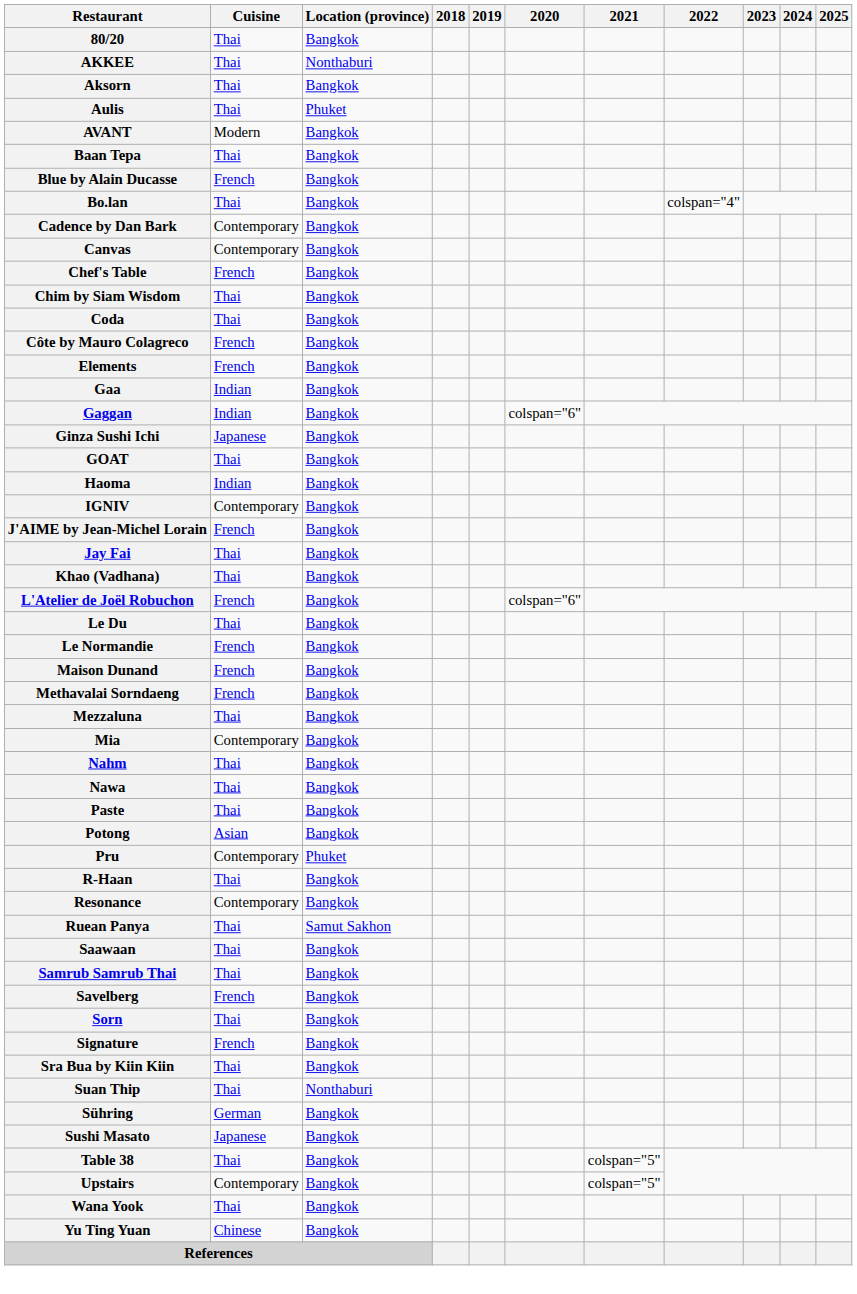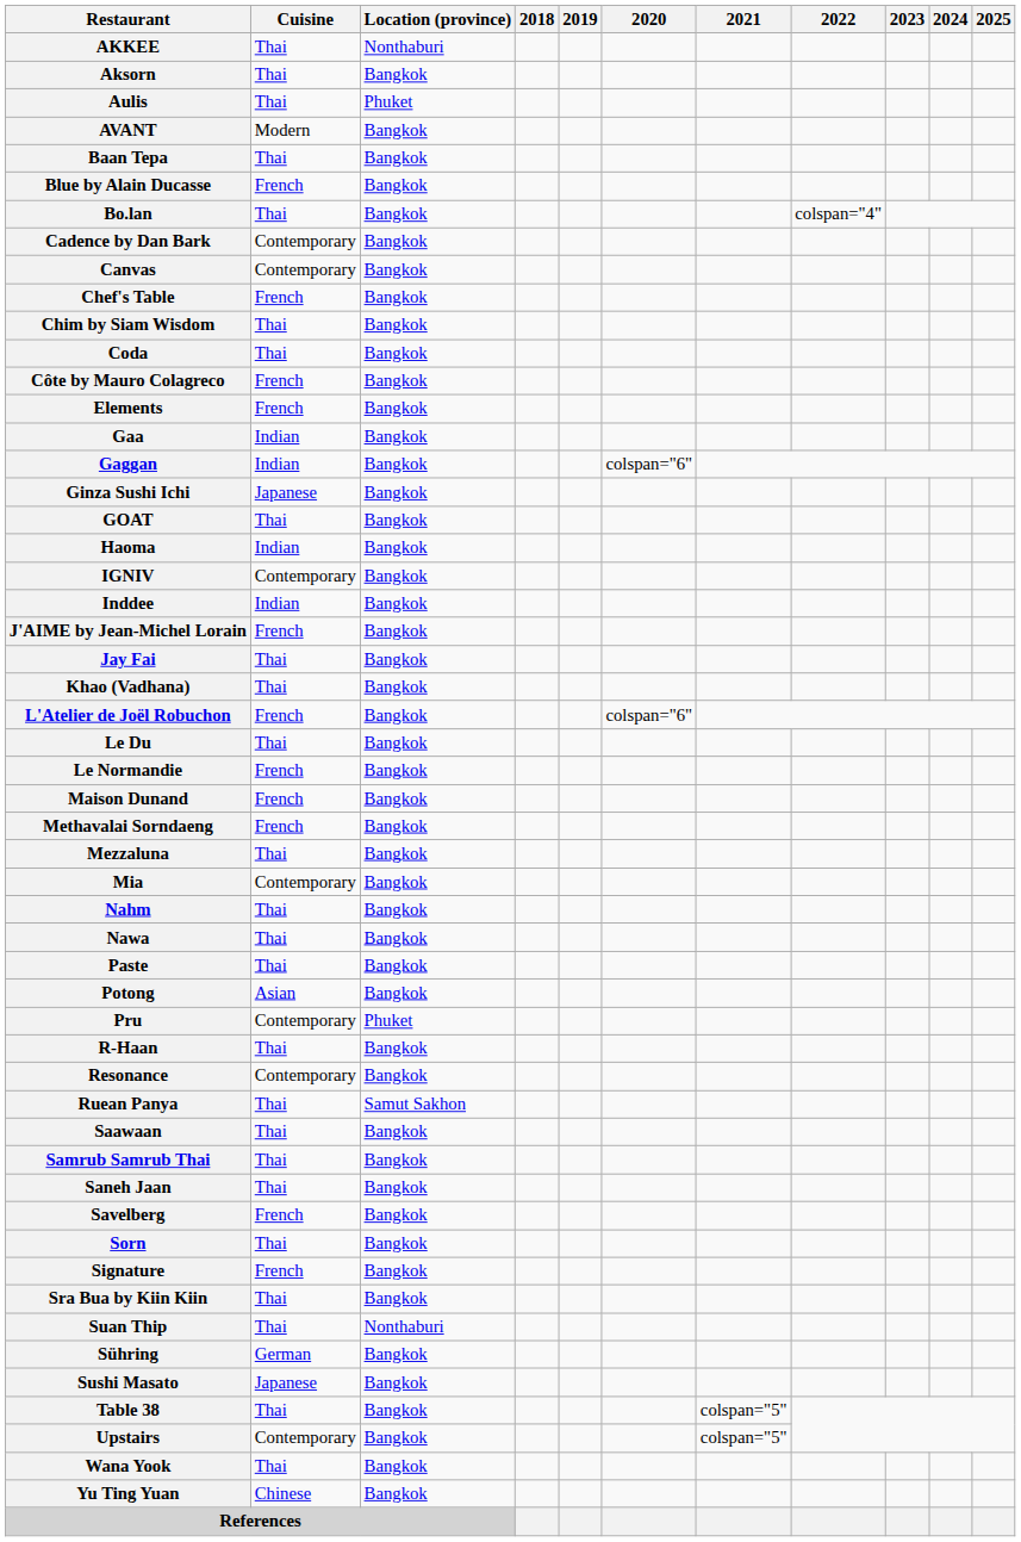 <table class="wikitable sortable plainrowheaders" style="text-align:left;"">
 <tr>
 <th scope="col">Restaurant</th>
 <th scope="col">Cuisine</th>
 <th scope="col">Location (province)</th>
 <th scope="col">2018</th>
 <th scope="col">2019</th>
 <th scope="col">2020</th>
 <th scope="col">2021</th>
 <th scope="col">2022</th>
 <th scope="col">2023</th>
 <th scope="col">2024</th>
 <th scope="col">2025</th>
-</tr>
-<tr>
-<th scope="row">80/20</th>
-<td><a href='#'>Thai</a></td>
-<td><a href='#'>Bangkok</a></td>
-<td></td>
-<td></td>
-<td></td>
-<td></td>
-<td></td>
-<td></td>
-<td></td>
-<td></td>
 </tr>
 <tr>
 <th scope="row">AKKEE</th>
 <td><a href='#'>Thai</a></td>
 <td><a href='#'>Nonthaburi</a></td>
 <td></td>
 <td></td>
 <td></td>
 <td></td>
 <td></td>
 <td></td>
 <td></td>
 <td></td>
 </tr>
 <tr>
 <th scope="row">Aksorn</th>
 <td><a href='#'>Thai</a></td>
 <td><a href='#'>Bangkok</a></td>
 <td></td>
 <td></td>
 <td></td>
 <td></td>
 <td></td>
 <td></td>
 <td></td>
 <td></td>
 </tr>
 <tr>
 <th scope="row">Aulis</th>
 <td><a href='#'>Thai</a></td>
 <td><a href='#'>Phuket</a></td>
 <td></td>
 <td></td>
 <td></td>
 <td></td>
 <td></td>
 <td></td>
 <td></td>
 <td></td>
 </tr>
 <tr>
 <th scope="row">AVANT</th>
 <td>Modern</td>
 <td><a href='#'>Bangkok</a></td>
 <td></td>
 <td></td>
 <td></td>
 <td></td>
 <td></td>
 <td></td>
 <td></td>
 <td></td>
 </tr>
 <tr>
 <th scope="row">Baan Tepa</th>
 <td><a href='#'>Thai</a></td>
 <td><a href='#'>Bangkok</a></td>
 <td></td>
 <td></td>
 <td></td>
 <td></td>
 <td></td>
 <td></td>
 <td></td>
 <td></td>
 </tr>
 <tr>
 <th scope="row">Blue by Alain Ducasse</th>
 <td><a href='#'>French</a></td>
 <td><a href='#'>Bangkok</a></td>
 <td></td>
 <td></td>
 <td></td>
 <td></td>
 <td></td>
 <td></td>
 <td></td>
 <td></td>
 </tr>
 <tr>
 <th scope="row">Bo.lan</th>
 <td><a href='#'>Thai</a></td>
 <td><a href='#'>Bangkok</a></td>
 <td></td>
 <td></td>
 <td></td>
 <td></td>
 <td>colspan="4" </td>
 </tr>
 <tr>
 <th scope="row">Cadence by Dan Bark</th>
 <td>Contemporary</td>
 <td><a href='#'>Bangkok</a></td>
 <td></td>
 <td></td>
 <td></td>
 <td></td>
 <td></td>
 <td></td>
 <td></td>
 <td></td>
 </tr>
 <tr>
 <th scope="row">Canvas</th>
 <td>Contemporary</td>
 <td><a href='#'>Bangkok</a></td>
 <td></td>
 <td></td>
 <td></td>
 <td></td>
 <td></td>
 <td></td>
 <td></td>
 <td></td>
 </tr>
 <tr>
 <th scope="row">Chef's Table</th>
 <td><a href='#'>French</a></td>
 <td><a href='#'>Bangkok</a></td>
 <td></td>
 <td></td>
 <td></td>
 <td></td>
 <td></td>
 <td></td>
 <td></td>
 <td></td>
 </tr>
 <tr>
 <th scope="row">Chim by Siam Wisdom</th>
 <td><a href='#'>Thai</a></td>
 <td><a href='#'>Bangkok</a></td>
 <td></td>
 <td></td>
 <td></td>
 <td></td>
 <td></td>
 <td></td>
 <td></td>
 <td></td>
 </tr>
 <tr>
 <th scope="row">Coda</th>
 <td><a href='#'>Thai</a></td>
 <td><a href='#'>Bangkok</a></td>
 <td></td>
 <td></td>
 <td></td>
 <td></td>
 <td></td>
 <td></td>
 <td></td>
 <td></td>
 </tr>
 <tr>
 <th scope="row">Côte by Mauro Colagreco</th>
 <td><a href='#'>French</a></td>
 <td><a href='#'>Bangkok</a></td>
 <td></td>
 <td></td>
 <td></td>
 <td></td>
 <td></td>
 <td></td>
 <td></td>
 <td></td>
 </tr>
 <tr>
 <th scope="row">Elements</th>
 <td><a href='#'>French</a></td>
 <td><a href='#'>Bangkok</a></td>
 <td></td>
 <td></td>
 <td></td>
 <td></td>
 <td></td>
 <td></td>
 <td></td>
 <td></td>
 </tr>
 <tr>
 <th scope="row">Gaa</th>
 <td><a href='#'>Indian</a></td>
 <td><a href='#'>Bangkok</a></td>
 <td></td>
 <td></td>
 <td></td>
 <td></td>
 <td></td>
 <td></td>
 <td></td>
 <td></td>
 </tr>
 <tr>
 <th scope="row"><a href='#'>Gaggan</a></th>
 <td><a href='#'>Indian</a></td>
 <td><a href='#'>Bangkok</a></td>
 <td></td>
 <td></td>
 <td>colspan="6" </td>
 </tr>
 <tr>
 <th scope="row">Ginza Sushi Ichi</th>
 <td><a href='#'>Japanese</a></td>
 <td><a href='#'>Bangkok</a></td>
 <td></td>
 <td></td>
 <td></td>
 <td></td>
 <td></td>
 <td></td>
 <td></td>
 <td></td>
 </tr>
 <tr>
 <th scope="row">GOAT</th>
 <td><a href='#'>Thai</a></td>
 <td><a href='#'>Bangkok</a></td>
 <td></td>
 <td></td>
 <td></td>
 <td></td>
 <td></td>
 <td></td>
 <td></td>
 <td></td>
 </tr>
 <tr>
 <th scope="row">Haoma</th>
 <td><a href='#'>Indian</a></td>
 <td><a href='#'>Bangkok</a></td>
 <td></td>
 <td></td>
 <td></td>
 <td></td>
 <td></td>
 <td></td>
 <td></td>
 <td></td>
 </tr>
 <tr>
 <th scope="row">IGNIV</th>
 <td>Contemporary</td>
+<td><a href='#'>Bangkok</a></td>
+<td></td>
+<td></td>
+<td></td>
+<td></td>
+<td></td>
+<td></td>
+<td></td>
+<td></td>
+</tr>
+<tr>
+<th scope="row">Inddee</th>
+<td><a href='#'>Indian</a></td>
 <td><a href='#'>Bangkok</a></td>
 <td></td>
 <td></td>
 <td></td>
 <td></td>
 <td></td>
 <td></td>
 <td></td>
 <td></td>
 </tr>
 <tr>
 <th scope="row">J'AIME by Jean-Michel Lorain</th>
 <td><a href='#'>French</a></td>
 <td><a href='#'>Bangkok</a></td>
 <td></td>
 <td></td>
 <td></td>
 <td></td>
 <td></td>
 <td></td>
 <td></td>
 <td></td>
 </tr>
 <tr>
 <th scope="row"><a href='#'>Jay Fai</a></th>
 <td><a href='#'>Thai</a></td>
 <td><a href='#'>Bangkok</a></td>
 <td></td>
 <td></td>
 <td></td>
 <td></td>
 <td></td>
 <td></td>
 <td></td>
 <td></td>
 </tr>
 <tr>
 <th scope="row">Khao (Vadhana)</th>
 <td><a href='#'>Thai</a></td>
 <td><a href='#'>Bangkok</a></td>
 <td></td>
 <td></td>
 <td></td>
 <td></td>
 <td></td>
 <td></td>
 <td></td>
 <td></td>
 </tr>
 <tr>
 <th scope="row"><a href='#'>L'Atelier de Joël Robuchon</a></th>
 <td><a href='#'>French</a></td>
 <td><a href='#'>Bangkok</a></td>
 <td></td>
 <td></td>
 <td>colspan="6" </td>
 </tr>
 <tr>
 <th scope="row">Le Du</th>
 <td><a href='#'>Thai</a></td>
 <td><a href='#'>Bangkok</a></td>
 <td></td>
 <td></td>
 <td></td>
 <td></td>
 <td></td>
 <td></td>
 <td></td>
 <td></td>
 </tr>
 <tr>
 <th scope="row">Le Normandie</th>
 <td><a href='#'>French</a></td>
 <td><a href='#'>Bangkok</a></td>
 <td></td>
 <td></td>
 <td></td>
 <td></td>
 <td></td>
 <td></td>
 <td></td>
 <td></td>
 </tr>
 <tr>
 <th scope="row">Maison Dunand</th>
 <td><a href='#'>French</a></td>
 <td><a href='#'>Bangkok</a></td>
 <td></td>
 <td></td>
 <td></td>
 <td></td>
 <td></td>
 <td></td>
 <td></td>
 <td></td>
 </tr>
 <tr>
 <th scope="row">Methavalai Sorndaeng</th>
 <td><a href='#'>French</a></td>
 <td><a href='#'>Bangkok</a></td>
 <td></td>
 <td></td>
 <td></td>
 <td></td>
 <td></td>
 <td></td>
 <td></td>
 <td></td>
 </tr>
 <tr>
 <th scope="row">Mezzaluna</th>
 <td><a href='#'>Thai</a></td>
 <td><a href='#'>Bangkok</a></td>
 <td></td>
 <td></td>
 <td></td>
 <td></td>
 <td></td>
 <td></td>
 <td></td>
 <td></td>
 </tr>
 <tr>
 <th scope="row">Mia</th>
 <td>Contemporary</td>
 <td><a href='#'>Bangkok</a></td>
 <td></td>
 <td></td>
 <td></td>
 <td></td>
 <td></td>
 <td></td>
 <td></td>
 <td></td>
 </tr>
 <tr>
 <th scope="row"><a href='#'>Nahm</a></th>
 <td><a href='#'>Thai</a></td>
 <td><a href='#'>Bangkok</a></td>
 <td></td>
 <td></td>
 <td></td>
 <td></td>
 <td></td>
 <td></td>
 <td></td>
 <td></td>
 </tr>
 <tr>
 <th scope="row">Nawa</th>
 <td><a href='#'>Thai</a></td>
 <td><a href='#'>Bangkok</a></td>
 <td></td>
 <td></td>
 <td></td>
 <td></td>
 <td></td>
 <td></td>
 <td></td>
 <td></td>
 </tr>
 <tr>
 <th scope="row">Paste</th>
 <td><a href='#'>Thai</a></td>
 <td><a href='#'>Bangkok</a></td>
 <td></td>
 <td></td>
 <td></td>
 <td></td>
 <td></td>
 <td></td>
 <td></td>
 <td></td>
 </tr>
 <tr>
 <th scope="row">Potong</th>
 <td><a href='#'>Asian</a></td>
 <td><a href='#'>Bangkok</a></td>
 <td></td>
 <td></td>
 <td></td>
 <td></td>
 <td></td>
 <td></td>
 <td></td>
 <td></td>
 </tr>
 <tr>
 <th scope="row">Pru</th>
 <td>Contemporary</td>
 <td><a href='#'>Phuket</a></td>
 <td></td>
 <td></td>
 <td></td>
 <td></td>
 <td></td>
 <td></td>
 <td></td>
 <td></td>
 </tr>
 <tr>
 <th scope="row">R-Haan</th>
 <td><a href='#'>Thai</a></td>
 <td><a href='#'>Bangkok</a></td>
 <td></td>
 <td></td>
 <td></td>
 <td></td>
 <td></td>
 <td></td>
 <td></td>
 <td></td>
 </tr>
 <tr>
 <th scope="row">Resonance</th>
 <td>Contemporary</td>
 <td><a href='#'>Bangkok</a></td>
 <td></td>
 <td></td>
 <td></td>
 <td></td>
 <td></td>
 <td></td>
 <td></td>
 <td></td>
 </tr>
 <tr>
 <th scope="row">Ruean Panya</th>
 <td><a href='#'>Thai</a></td>
 <td><a href='#'>Samut Sakhon</a></td>
 <td></td>
 <td></td>
 <td></td>
 <td></td>
 <td></td>
 <td></td>
 <td></td>
 <td></td>
 </tr>
 <tr>
 <th scope="row">Saawaan</th>
 <td><a href='#'>Thai</a></td>
 <td><a href='#'>Bangkok</a></td>
 <td></td>
 <td></td>
 <td></td>
 <td></td>
 <td></td>
 <td></td>
 <td></td>
 <td></td>
 </tr>
 <tr>
 <th scope="row"><a href='#'>Samrub Samrub Thai</a></th>
 <td><a href='#'>Thai</a></td>
 <td><a href='#'>Bangkok</a></td>
 <td></td>
 <td></td>
 <td></td>
 <td></td>
 <td></td>
 <td></td>
 <td></td>
 <td></td>
 </tr>
 <tr>
+<th scope="row">Saneh Jaan</th>
+<td><a href='#'>Thai</a></td>
+<td><a href='#'>Bangkok</a></td>
+<td></td>
+<td></td>
+<td></td>
+<td></td>
+<td></td>
+<td></td>
+<td></td>
+<td></td>
+</tr>
+<tr>
 <th scope="row">Savelberg</th>
 <td><a href='#'>French</a></td>
 <td><a href='#'>Bangkok</a></td>
 <td></td>
 <td></td>
 <td></td>
 <td></td>
 <td></td>
 <td></td>
 <td></td>
 <td></td>
 </tr>
 <tr>
 <th scope="row"><a href='#'>Sorn</a></th>
 <td><a href='#'>Thai</a></td>
 <td><a href='#'>Bangkok</a></td>
 <td></td>
 <td></td>
 <td></td>
 <td></td>
 <td></td>
 <td></td>
 <td></td>
 <td></td>
 </tr>
 <tr>
 <th scope="row">Signature</th>
 <td><a href='#'>French</a></td>
 <td><a href='#'>Bangkok</a></td>
 <td></td>
 <td></td>
 <td></td>
 <td></td>
 <td></td>
 <td></td>
 <td></td>
 <td></td>
 </tr>
 <tr>
 <th scope="row">Sra Bua by Kiin Kiin</th>
 <td><a href='#'>Thai</a></td>
 <td><a href='#'>Bangkok</a></td>
 <td></td>
 <td></td>
 <td></td>
 <td></td>
 <td></td>
 <td></td>
 <td></td>
 <td></td>
 </tr>
 <tr>
 <th scope="row">Suan Thip</th>
 <td><a href='#'>Thai</a></td>
 <td><a href='#'>Nonthaburi</a></td>
 <td></td>
 <td></td>
 <td></td>
 <td></td>
 <td></td>
 <td></td>
 <td></td>
 <td></td>
 </tr>
 <tr>
 <th scope="row">Sühring</th>
 <td><a href='#'>German</a></td>
 <td><a href='#'>Bangkok</a></td>
 <td></td>
 <td></td>
 <td></td>
 <td></td>
 <td></td>
 <td></td>
 <td></td>
 <td></td>
 </tr>
 <tr>
 <th scope="row">Sushi Masato</th>
 <td><a href='#'>Japanese</a></td>
 <td><a href='#'>Bangkok</a></td>
 <td></td>
 <td></td>
 <td></td>
 <td></td>
 <td></td>
 <td></td>
 <td></td>
 <td></td>
 </tr>
 <tr>
 <th scope="row">Table 38</th>
 <td><a href='#'>Thai</a></td>
 <td><a href='#'>Bangkok</a></td>
 <td></td>
 <td></td>
 <td></td>
 <td>colspan="5" </td>
 </tr>
 <tr>
 <th scope="row">Upstairs</th>
 <td>Contemporary</td>
 <td><a href='#'>Bangkok</a></td>
 <td></td>
 <td></td>
 <td></td>
 <td>colspan="5" </td>
 </tr>
 <tr>
 <th scope="row">Wana Yook</th>
 <td><a href='#'>Thai</a></td>
 <td><a href='#'>Bangkok</a></td>
 <td></td>
 <td></td>
 <td></td>
 <td></td>
 <td></td>
 <td></td>
 <td></td>
 <td></td>
 </tr>
 <tr>
 <th scope="row">Yu Ting Yuan</th>
 <td><a href='#'>Chinese</a></td>
 <td><a href='#'>Bangkok</a></td>
 <td></td>
 <td></td>
 <td></td>
 <td></td>
 <td></td>
 <td></td>
 <td></td>
 <td></td>
 </tr>
 <tr>
 <th colspan="3" style="text-align: center;background: lightgray;">References</th>
 <th></th>
 <th></th>
 <th></th>
 <th></th>
 <th></th>
 <th></th>
 <th></th>
 <th></th>
 </tr>
 </table>
